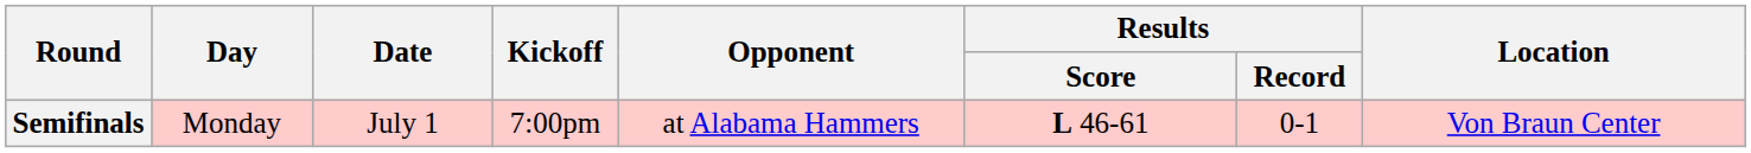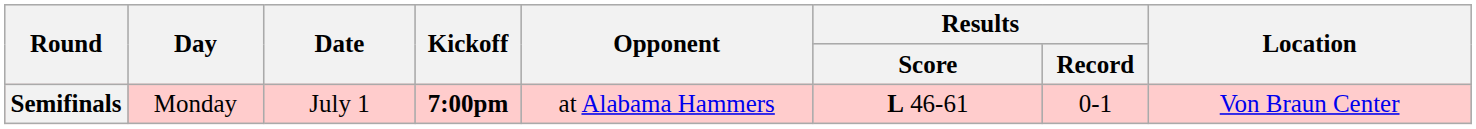 <table class="wikitable">
 <tr>
 <th rowspan="2" width="40">Round</th>
 <th rowspan="2" width="80">Day</th>
 <th rowspan="2" width="90">Date</th>
 <th rowspan="2" width="60">Kickoff</th>
 <th rowspan="2" width="180">Opponent</th>
 <th colspan="2" width="200">Results</th>
 <th rowspan="2" width="200">Location</th>
 </tr>
 <tr>
 <th width="140">Score</th>
 <th width="60">Record</th>
 </tr>
 <tr align="center" bgcolor="#FFCCCC">
 <th>Semifinals</th>
 <td>Monday</td>
 <td>July 1</td>
-<td>7:00pm</td>
+<td><strong>7:00pm</strong></td>
 <td>at <a href='#'>Alabama Hammers</a></td>
 <td><strong>L</strong> 46-61</td>
 <td>0-1</td>
 <td><a href='#'>Von Braun Center</a></td>
 </tr>
 </table>
